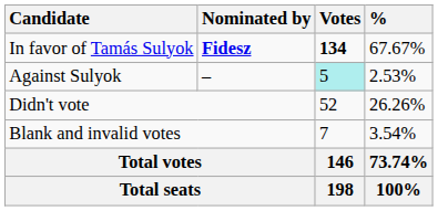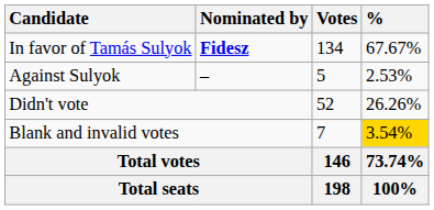 <table class="wikitable">
 <tr>
 <th style="text-align:left">Candidate</th>
 <th style="text-align:left">Nominated by</th>
 <th style="text-align:left">Votes</th>
 <th style="text-align:left">%</th>
 </tr>
 <tr>
 <td>In favor of <a href='#'>Tamás Sulyok</a></td>
 <td><strong><a href='#'>Fidesz</a></strong></td>
-<td><strong>134</strong></td>
+<td>134</td>
 <td>67.67%</td>
 </tr>
 <tr>
 <td>Against Sulyok</td>
 <td>–</td>
-<td style="background: paleturquoise;">5</td>
+<td>5</td>
 <td>2.53%</td>
 </tr>
 <tr>
 <td colspan=2>Didn't vote</td>
 <td>52</td>
 <td>26.26%</td>
 </tr>
 <tr>
 <td colspan=2>Blank and invalid votes</td>
 <td>7</td>
-<td>3.54%</td>
+<td style="background: gold;">3.54%</td>
 </tr>
 <tr>
 <th colspan=2>Total votes</th>
 <th>146</th>
 <th>73.74%</th>
 </tr>
 <tr>
 <th colspan=2>Total seats</th>
 <th>198</th>
 <th>100%</th>
 </tr>
 </table>
